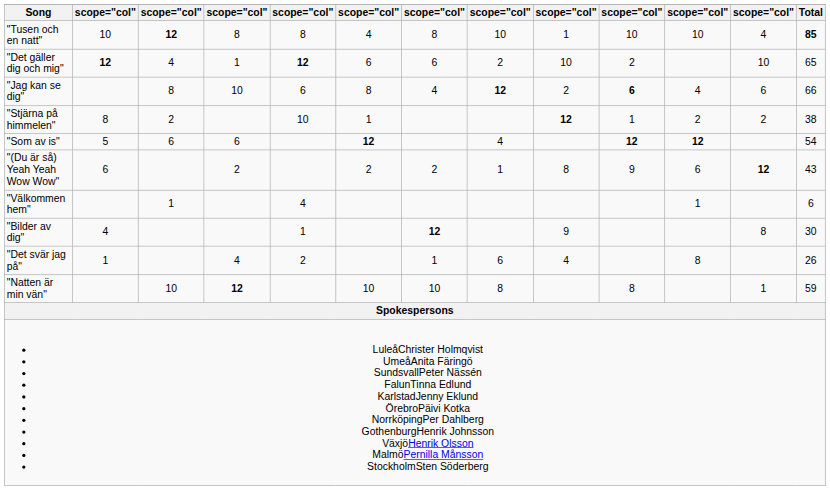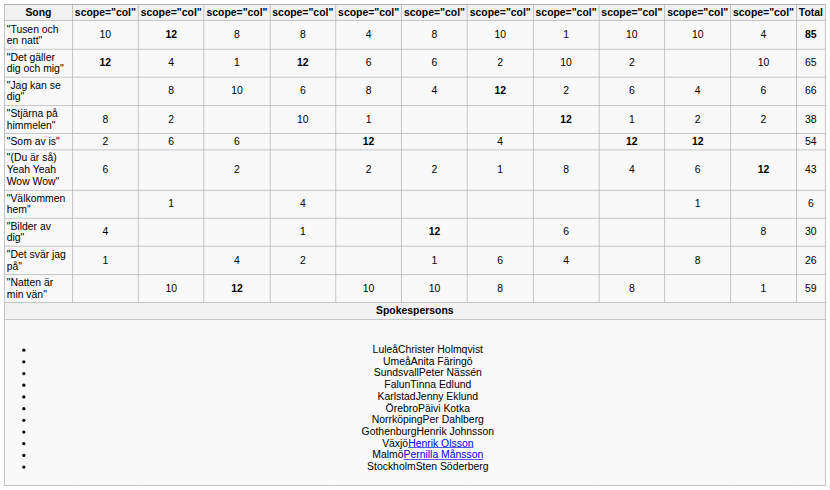 <table class="wikitable plainrowheaders" style="margin: 1em auto 1em auto; text-align:center;">
 <tr>
 </tr>
 <tr>
 <th scope="col">Song</th>
 <th>scope="col" </th>
 <th>scope="col" </th>
 <th>scope="col" </th>
 <th>scope="col" </th>
 <th>scope="col" </th>
 <th>scope="col" </th>
 <th>scope="col" </th>
 <th>scope="col" </th>
 <th>scope="col" </th>
 <th>scope="col" </th>
 <th>scope="col" </th>
 <th scope="col">Total</th>
 </tr>
 <tr>
 <td align="left">"Tusen och en natt"</td>
 <td>10</td>
 <td><strong>12</strong></td>
 <td>8</td>
 <td>8</td>
 <td>4</td>
 <td>8</td>
 <td>10</td>
 <td>1</td>
 <td>10</td>
 <td>10</td>
 <td>4</td>
 <td><strong>85</strong></td>
 </tr>
 <tr>
 <td align="left">"Det gäller dig och mig"</td>
 <td><strong>12</strong></td>
 <td>4</td>
 <td>1</td>
 <td><strong>12</strong></td>
 <td>6</td>
 <td>6</td>
 <td>2</td>
 <td>10</td>
 <td>2</td>
 <td></td>
 <td>10</td>
 <td>65</td>
 </tr>
 <tr>
 <td align="left">"Jag kan se dig"</td>
 <td></td>
 <td>8</td>
 <td>10</td>
 <td>6</td>
 <td>8</td>
 <td>4</td>
 <td><strong>12</strong></td>
 <td>2</td>
-<td><strong>6</strong></td>
+<td>6</td>
 <td>4</td>
 <td>6</td>
 <td>66</td>
 </tr>
 <tr>
 <td align="left">"Stjärna på himmelen"</td>
 <td>8</td>
 <td>2</td>
 <td></td>
 <td>10</td>
 <td>1</td>
 <td></td>
 <td></td>
 <td><strong>12</strong></td>
 <td>1</td>
 <td>2</td>
 <td>2</td>
 <td>38</td>
 </tr>
 <tr>
 <td align="left">"Som av is"</td>
-<td>5</td>
+<td>2</td>
 <td>6</td>
 <td>6</td>
 <td></td>
 <td><strong>12</strong></td>
 <td></td>
 <td>4</td>
 <td></td>
 <td><strong>12</strong></td>
 <td><strong>12</strong></td>
 <td></td>
 <td>54</td>
 </tr>
 <tr>
 <td align="left">"(Du är så) Yeah Yeah Wow Wow"</td>
 <td>6</td>
 <td></td>
 <td>2</td>
 <td></td>
 <td>2</td>
 <td>2</td>
 <td>1</td>
 <td>8</td>
-<td>9</td>
+<td>4</td>
 <td>6</td>
 <td><strong>12</strong></td>
 <td>43</td>
 </tr>
 <tr>
 <td align="left">"Välkommen hem"</td>
 <td></td>
 <td>1</td>
 <td></td>
 <td>4</td>
 <td></td>
 <td></td>
 <td></td>
 <td></td>
 <td></td>
 <td>1</td>
 <td></td>
 <td>6</td>
 </tr>
 <tr>
 <td align="left">"Bilder av dig"</td>
 <td>4</td>
 <td></td>
 <td></td>
 <td>1</td>
 <td></td>
 <td><strong>12</strong></td>
 <td></td>
-<td>9</td>
+<td>6</td>
 <td></td>
 <td></td>
 <td>8</td>
 <td>30</td>
 </tr>
 <tr>
 <td align="left">"Det svär jag på"</td>
 <td>1</td>
 <td></td>
 <td>4</td>
 <td>2</td>
 <td></td>
 <td>1</td>
 <td>6</td>
 <td>4</td>
 <td></td>
 <td>8</td>
 <td></td>
 <td>26</td>
 </tr>
 <tr>
 <td align="left">"Natten är min vän"</td>
 <td></td>
 <td>10</td>
 <td><strong>12</strong></td>
 <td></td>
 <td>10</td>
 <td>10</td>
 <td>8</td>
 <td></td>
 <td>8</td>
 <td></td>
 <td>1</td>
 <td>59</td>
 </tr>
 <tr>
 <th colspan="13">Spokespersons</th>
 </tr>
 <tr>
 <td colspan="13"><br><ul><li>LuleåChrister Holmqvist</li><li>UmeåAnita Färingö</li><li>SundsvallPeter Nässén</li><li>FalunTinna Edlund</li><li>KarlstadJenny Eklund</li><li>ÖrebroPäivi Kotka</li><li>NorrköpingPer Dahlberg</li><li>GothenburgHenrik Johnsson</li><li>Växjö<a href='#'>Henrik Olsson</a></li><li>Malmö<a href='#'>Pernilla Månsson</a></li><li>StockholmSten Söderberg</li></ul></td>
 </tr>
 </table>
